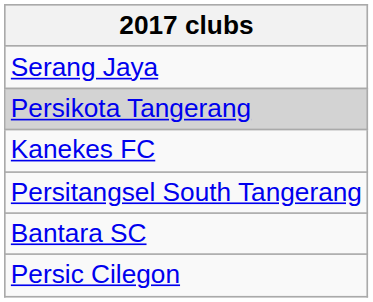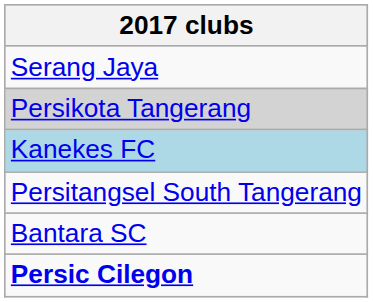 <table class="wikitable">
 <tr>
 <th><strong>2017 clubs</strong></th>
 </tr>
 <tr>
 <td><a href='#'>Serang Jaya</a></td>
 </tr>
 <tr>
 <td style="background: lightgrey;"><a href='#'>Persikota Tangerang</a></td>
 </tr>
 <tr>
-<td><a href='#'>Kanekes FC</a></td>
+<td style="background: lightblue;"><a href='#'>Kanekes FC</a></td>
 </tr>
 <tr>
 <td><a href='#'>Persitangsel South Tangerang</a></td>
 </tr>
 <tr>
 <td><a href='#'>Bantara SC</a></td>
 </tr>
 <tr>
-<td><a href='#'>Persic Cilegon</a></td>
+<td><strong><a href='#'>Persic Cilegon</a></strong></td>
 </tr>
 </table>
